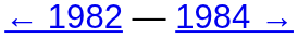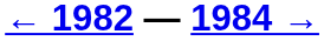 <table border="0" cellpadding="0" cellspacing="0" align="center">
 <tr>
 <td style="border: 1px"></td>
 </tr>
 <tr>
-<td><a href='#'>← 1982</a> — <a href='#'>1984 →</a></td>
+<td><strong><a href='#'>← 1982</a> — <a href='#'>1984 →</a></strong></td>
 </tr>
 </table>
